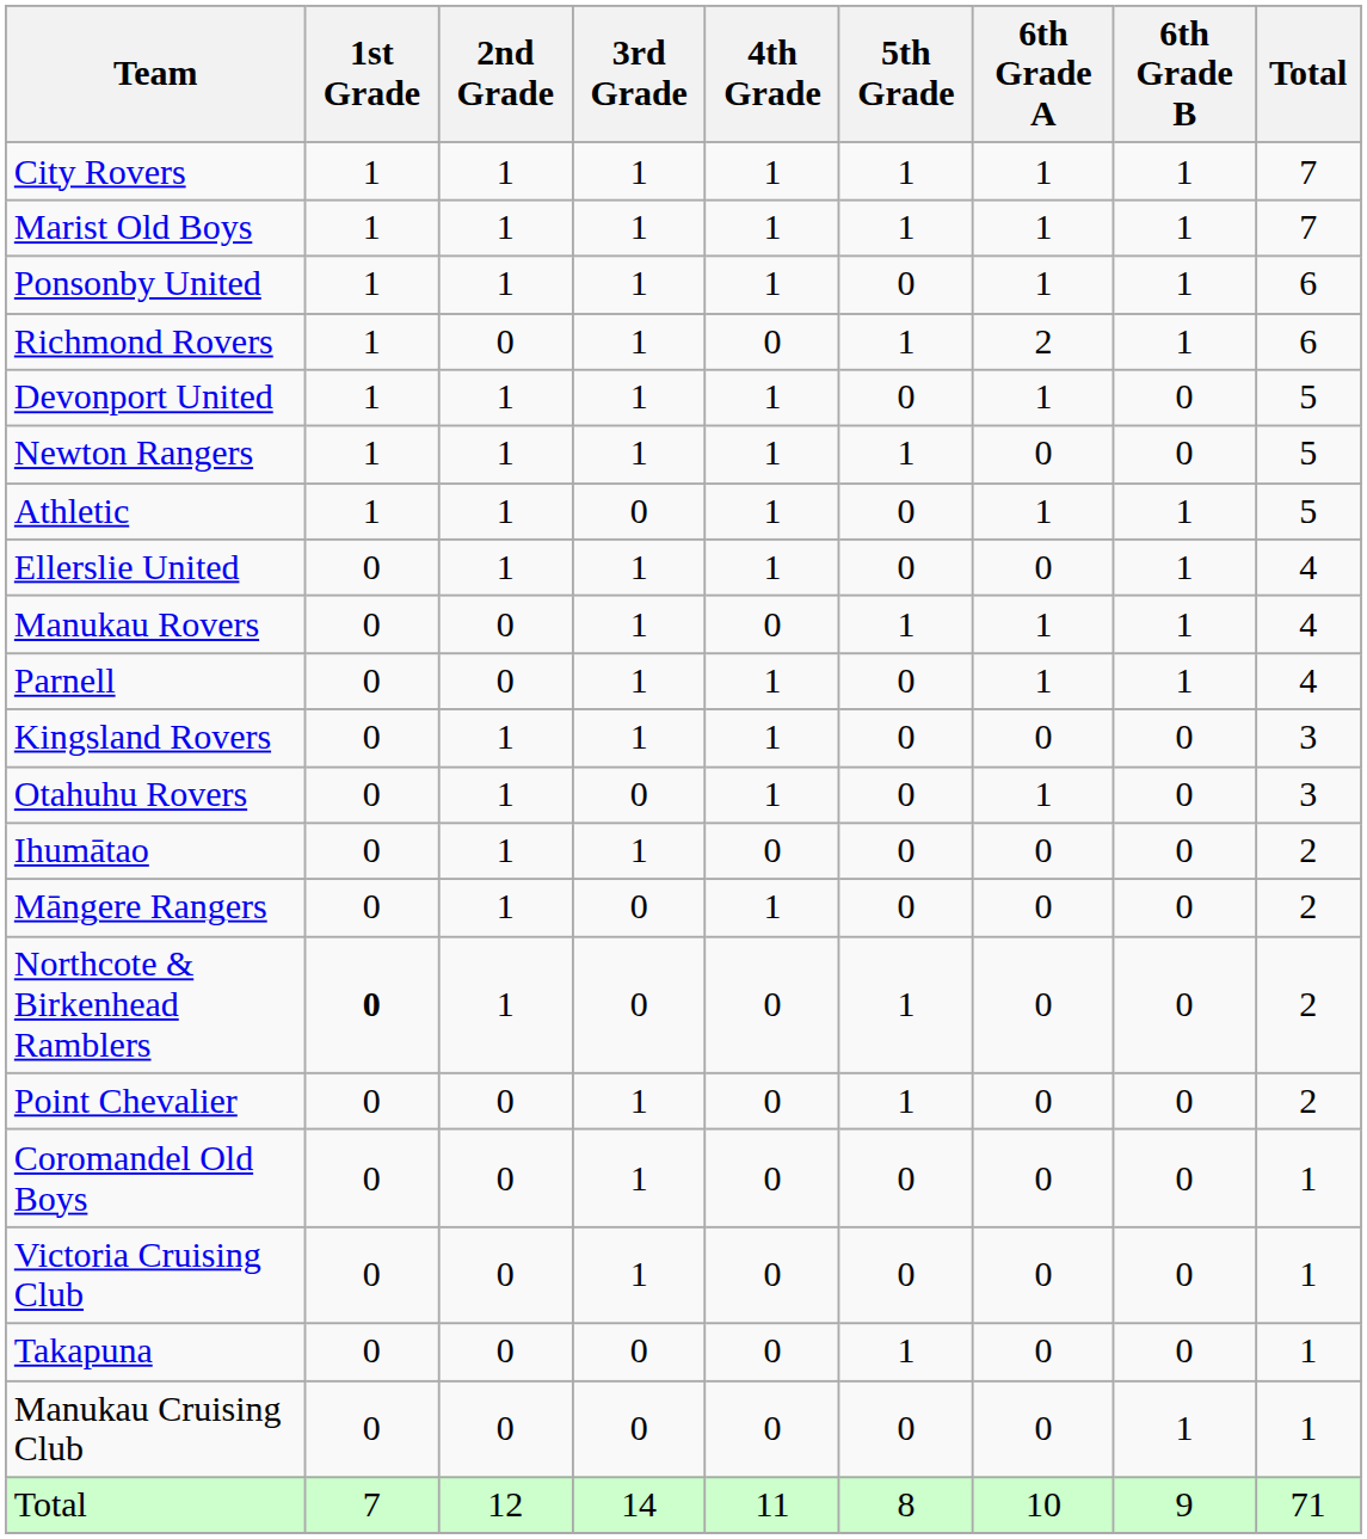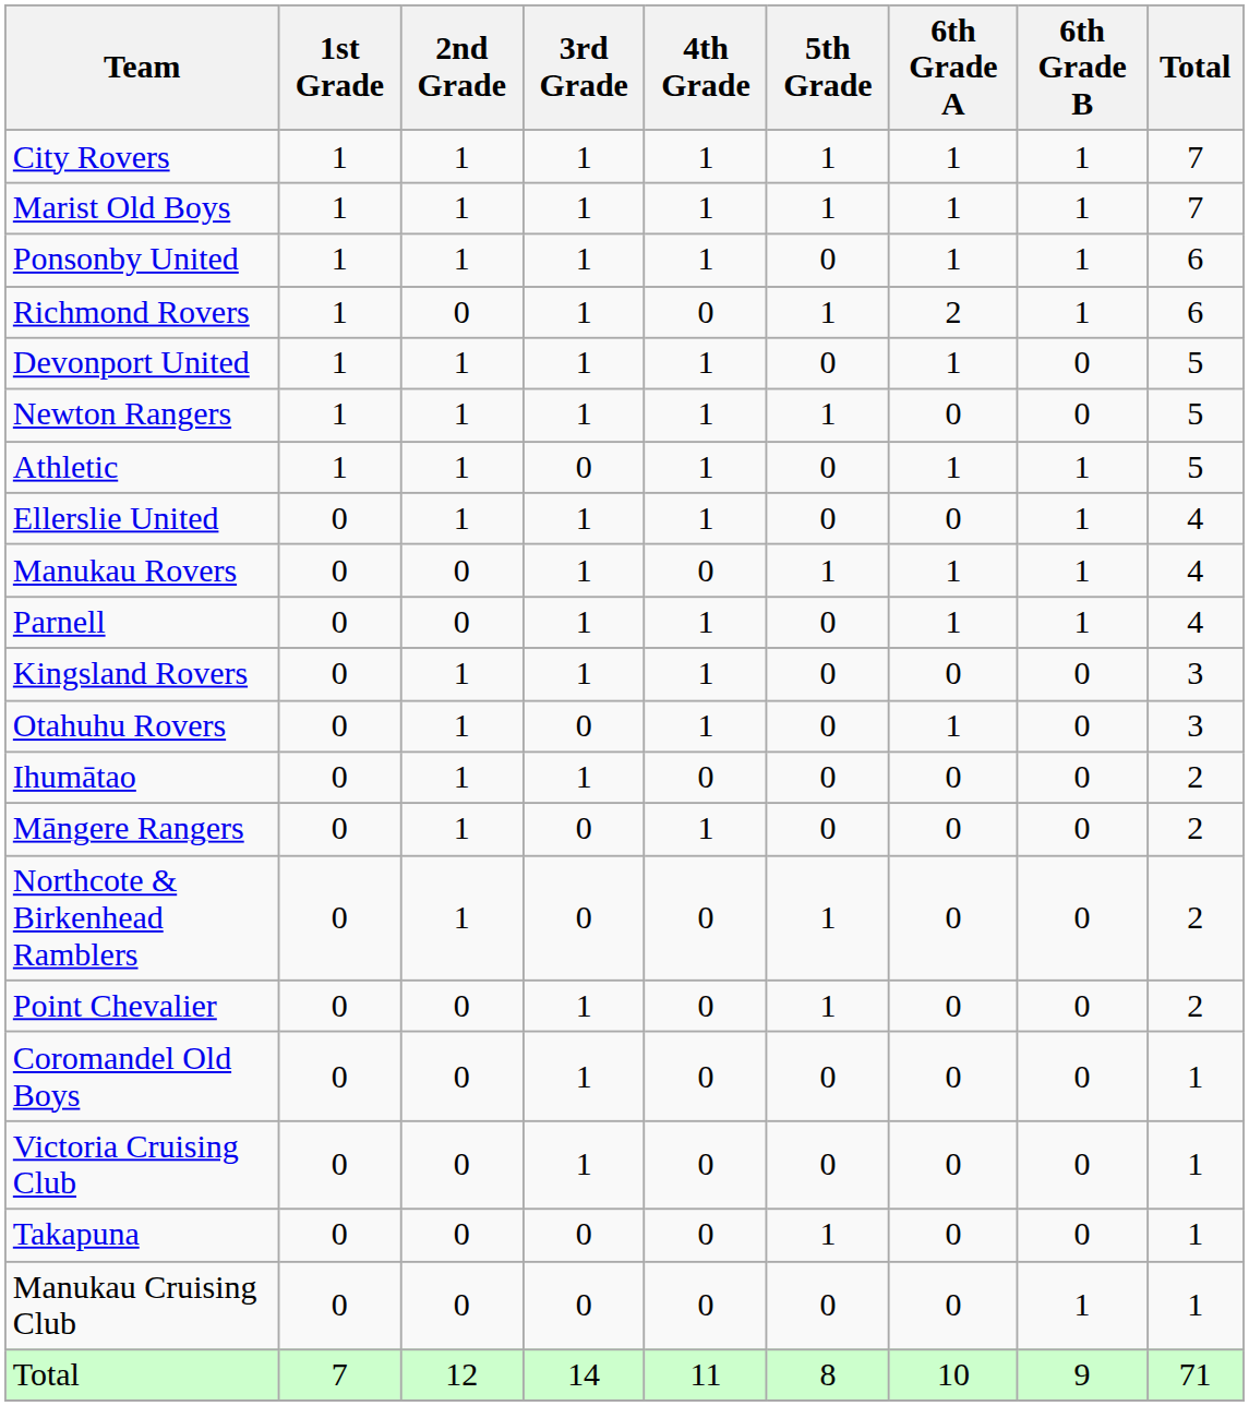 <table class="wikitable" style="text-align:center;">
 <tr>
 <th width=220>Team</th>
 <th width=70 abbr="1st Grade">1st Grade</th>
 <th width=70 abbr="2nd Grade">2nd Grade</th>
 <th width=70 abbr="3rd Grade">3rd Grade</th>
 <th width=70 abbr="4th Grade">4th Grade</th>
 <th width=70 abbr="5th Grade">5th Grade</th>
 <th width=80 abbr="6th Grade">6th Grade A</th>
 <th width=80 abbr="6th Grade">6th Grade B</th>
 <th width=50 abbr="Total">Total</th>
 </tr>
 <tr>
 <td style="text-align:left;"><a href='#'>City Rovers</a></td>
 <td>1</td>
 <td>1</td>
 <td>1</td>
 <td>1</td>
 <td>1</td>
 <td>1</td>
 <td>1</td>
 <td>7</td>
 </tr>
 <tr>
 <td style="text-align:left;"><a href='#'>Marist Old Boys</a></td>
 <td>1</td>
 <td>1</td>
 <td>1</td>
 <td>1</td>
 <td>1</td>
 <td>1</td>
 <td>1</td>
 <td>7</td>
 </tr>
 <tr>
 <td style="text-align:left;"><a href='#'>Ponsonby United</a></td>
 <td>1</td>
 <td>1</td>
 <td>1</td>
 <td>1</td>
 <td>0</td>
 <td>1</td>
 <td>1</td>
 <td>6</td>
 </tr>
 <tr>
 <td style="text-align:left;"><a href='#'>Richmond Rovers</a></td>
 <td>1</td>
 <td>0</td>
 <td>1</td>
 <td>0</td>
 <td>1</td>
 <td>2</td>
 <td>1</td>
 <td>6</td>
 </tr>
 <tr>
 <td style="text-align:left;"><a href='#'>Devonport United</a></td>
 <td>1</td>
 <td>1</td>
 <td>1</td>
 <td>1</td>
 <td>0</td>
 <td>1</td>
 <td>0</td>
 <td>5</td>
 </tr>
 <tr>
 <td style="text-align:left;"><a href='#'>Newton Rangers</a></td>
 <td>1</td>
 <td>1</td>
 <td>1</td>
 <td>1</td>
 <td>1</td>
 <td>0</td>
 <td>0</td>
 <td>5</td>
 </tr>
 <tr>
 <td style="text-align:left;"><a href='#'>Athletic</a></td>
 <td>1</td>
 <td>1</td>
 <td>0</td>
 <td>1</td>
 <td>0</td>
 <td>1</td>
 <td>1</td>
 <td>5</td>
 </tr>
 <tr>
 <td style="text-align:left;"><a href='#'>Ellerslie United</a></td>
 <td>0</td>
 <td>1</td>
 <td>1</td>
 <td>1</td>
 <td>0</td>
 <td>0</td>
 <td>1</td>
 <td>4</td>
 </tr>
 <tr>
 <td style="text-align:left;"><a href='#'>Manukau Rovers</a></td>
 <td>0</td>
 <td>0</td>
 <td>1</td>
 <td>0</td>
 <td>1</td>
 <td>1</td>
 <td>1</td>
 <td>4</td>
 </tr>
 <tr>
 <td style="text-align:left;"><a href='#'>Parnell</a></td>
 <td>0</td>
 <td>0</td>
 <td>1</td>
 <td>1</td>
 <td>0</td>
 <td>1</td>
 <td>1</td>
 <td>4</td>
 </tr>
 <tr>
 <td style="text-align:left;"><a href='#'>Kingsland Rovers</a></td>
 <td>0</td>
 <td>1</td>
 <td>1</td>
 <td>1</td>
 <td>0</td>
 <td>0</td>
 <td>0</td>
 <td>3</td>
 </tr>
 <tr>
 <td style="text-align:left;"><a href='#'>Otahuhu Rovers</a></td>
 <td>0</td>
 <td>1</td>
 <td>0</td>
 <td>1</td>
 <td>0</td>
 <td>1</td>
 <td>0</td>
 <td>3</td>
 </tr>
 <tr>
 <td style="text-align:left;"><a href='#'>Ihumātao</a></td>
 <td>0</td>
 <td>1</td>
 <td>1</td>
 <td>0</td>
 <td>0</td>
 <td>0</td>
 <td>0</td>
 <td>2</td>
 </tr>
 <tr>
 <td style="text-align:left;"><a href='#'>Māngere Rangers</a></td>
 <td>0</td>
 <td>1</td>
 <td>0</td>
 <td>1</td>
 <td>0</td>
 <td>0</td>
 <td>0</td>
 <td>2</td>
 </tr>
 <tr>
 <td style="text-align:left;"><a href='#'>Northcote & Birkenhead Ramblers</a></td>
-<td><strong>0</strong></td>
+<td>0</td>
 <td>1</td>
 <td>0</td>
 <td>0</td>
 <td>1</td>
 <td>0</td>
 <td>0</td>
 <td>2</td>
 </tr>
 <tr>
 <td style="text-align:left;"><a href='#'>Point Chevalier</a></td>
 <td>0</td>
 <td>0</td>
 <td>1</td>
 <td>0</td>
 <td>1</td>
 <td>0</td>
 <td>0</td>
 <td>2</td>
 </tr>
 <tr>
 <td style="text-align:left;"><a href='#'>Coromandel Old Boys</a></td>
 <td>0</td>
 <td>0</td>
 <td>1</td>
 <td>0</td>
 <td>0</td>
 <td>0</td>
 <td>0</td>
 <td>1</td>
 </tr>
 <tr>
 <td style="text-align:left;"><a href='#'>Victoria Cruising Club</a></td>
 <td>0</td>
 <td>0</td>
 <td>1</td>
 <td>0</td>
 <td>0</td>
 <td>0</td>
 <td>0</td>
 <td>1</td>
 </tr>
 <tr>
 <td style="text-align:left;"><a href='#'>Takapuna</a></td>
 <td>0</td>
 <td>0</td>
 <td>0</td>
 <td>0</td>
 <td>1</td>
 <td>0</td>
 <td>0</td>
 <td>1</td>
 </tr>
 <tr>
 <td style="text-align:left;">Manukau Cruising Club</td>
 <td>0</td>
 <td>0</td>
 <td>0</td>
 <td>0</td>
 <td>0</td>
 <td>0</td>
 <td>1</td>
 <td>1</td>
 </tr>
 <tr style="background: #ccffcc;">
 <td style="text-align:left;">Total</td>
 <td>7</td>
 <td>12</td>
 <td>14</td>
 <td>11</td>
 <td>8</td>
 <td>10</td>
 <td>9</td>
 <td>71</td>
 </tr>
 <tr>
 </tr>
 </table>
